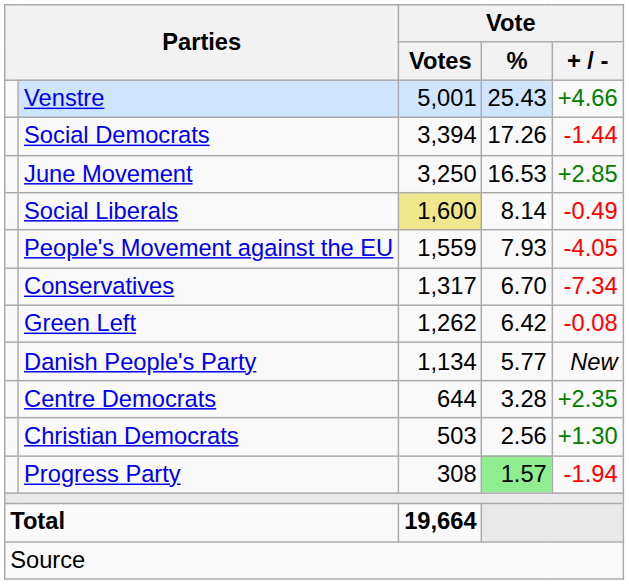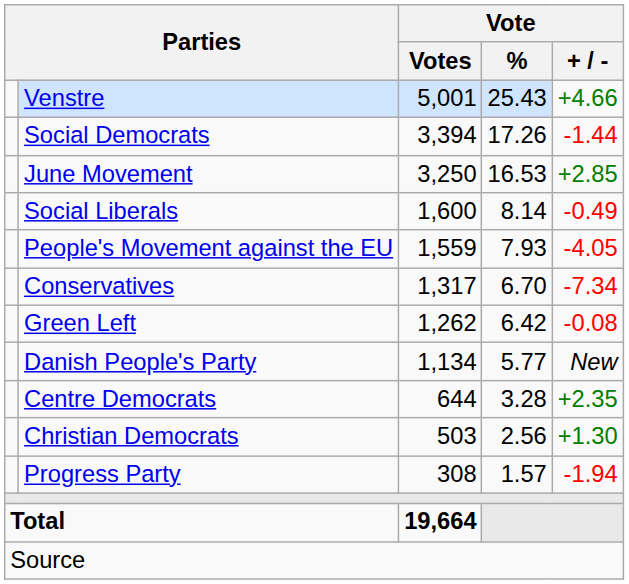 <table class="wikitable" style="text-align:right;">
 <tr>
 <th style="text-align:centre;" rowspan="2" colspan="2" width="225">Parties</th>
 <th colspan="3">Vote</th>
 </tr>
 <tr>
 <th width="15">Votes</th>
 <th width="15">%</th>
 <th width="15">+ / -</th>
 </tr>
 <tr>
 <td width="2" style="color:inherit;background:"></td>
 <td bgcolor=#cfe5fe   align="left"><a href='#'>Venstre</a></td>
 <td bgcolor=#cfe5fe>5,001</td>
 <td bgcolor=#cfe5fe>25.43</td>
 <td style=color:green;>+4.66</td>
 </tr>
 <tr>
 <td width="2" style="color:inherit;background:"></td>
 <td align="left"><a href='#'>Social Democrats</a></td>
 <td>3,394</td>
 <td>17.26</td>
 <td style=color:red;>-1.44</td>
 </tr>
 <tr>
 <td width="2" style="color:inherit;background:"></td>
 <td align="left"><a href='#'>June Movement</a></td>
 <td>3,250</td>
 <td>16.53</td>
 <td style=color:green;>+2.85</td>
 </tr>
 <tr>
 <td width="2" style="color:inherit;background:"></td>
 <td align="left"><a href='#'>Social Liberals</a></td>
-<td style="background: khaki;">1,600</td>
+<td>1,600</td>
 <td>8.14</td>
 <td style=color:red;>-0.49</td>
 </tr>
 <tr>
 <td width="2" style="color:inherit;background:"></td>
 <td align="left"><a href='#'>People's Movement against the EU</a></td>
 <td>1,559</td>
 <td>7.93</td>
 <td style=color:red;>-4.05</td>
 </tr>
 <tr>
 <td width="2" style="color:inherit;background:"></td>
 <td align="left"><a href='#'>Conservatives</a></td>
 <td>1,317</td>
 <td>6.70</td>
 <td style=color:red;>-7.34</td>
 </tr>
 <tr>
 <td width="2" style="color:inherit;background:"></td>
 <td align="left"><a href='#'>Green Left</a></td>
 <td>1,262</td>
 <td>6.42</td>
 <td style=color:red;>-0.08</td>
 </tr>
 <tr>
 <td width="2" style="color:inherit;background:"></td>
 <td align="left"><a href='#'>Danish People's Party</a></td>
 <td>1,134</td>
 <td>5.77</td>
 <td><em>New</em></td>
 </tr>
 <tr>
 <td width="2" style="color:inherit;background:"></td>
 <td align="left"><a href='#'>Centre Democrats</a></td>
 <td>644</td>
 <td>3.28</td>
 <td style=color:green;>+2.35</td>
 </tr>
 <tr>
 <td width="2" style="color:inherit;background:"></td>
 <td align="left"><a href='#'>Christian Democrats</a></td>
 <td>503</td>
 <td>2.56</td>
 <td style=color:green;>+1.30</td>
 </tr>
 <tr>
 <td width="2" style="color:inherit;background:"></td>
 <td align="left"><a href='#'>Progress Party</a></td>
 <td>308</td>
-<td style="background: lightgreen;">1.57</td>
+<td>1.57</td>
 <td style=color:red;>-1.94</td>
 </tr>
 <tr>
 <td colspan="7" bgcolor="#E9E9E9"></td>
 </tr>
 <tr>
 <td align="left" colspan="2"><strong>Total</strong></td>
 <td><strong>19,664</strong></td>
 <td bgcolor="#E9E9E9" colspan="2"></td>
 </tr>
 <tr>
 <td align="left" colspan="6">Source</td>
 </tr>
 </table>
